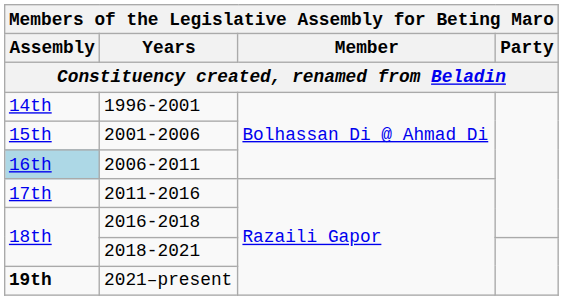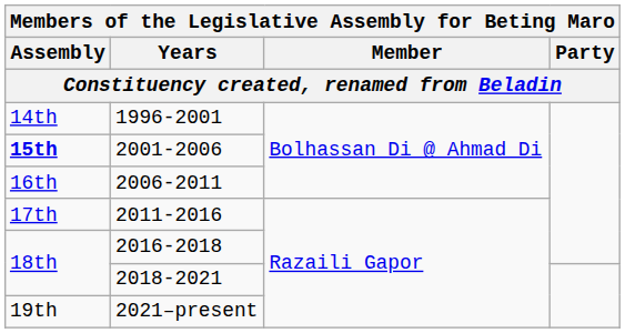 <table class=wikitable>
 <tr>
 <th colspan="4">Members of the Legislative Assembly for Beting Maro</th>
 </tr>
 <tr>
 <th>Assembly</th>
 <th>Years</th>
 <th>Member</th>
 <th>Party</th>
 </tr>
 <tr>
 <th colspan=4 align=center><em>Constituency created, renamed from <a href='#'>Beladin</a></em></th>
 </tr>
 <tr>
 <td><a href='#'>14th</a></td>
 <td>1996-2001</td>
 <td rowspan=3><a href='#'>Bolhassan Di @ Ahmad Di</a></td>
 <td rowspan=5></td>
 </tr>
 <tr>
-<td><a href='#'>15th</a></td>
+<td><strong><a href='#'>15th</a></strong></td>
 <td>2001-2006</td>
 </tr>
 <tr>
-<td style="background: lightblue;"><a href='#'>16th</a></td>
+<td><a href='#'>16th</a></td>
 <td>2006-2011</td>
 </tr>
 <tr>
 <td><a href='#'>17th</a></td>
 <td>2011-2016</td>
 <td rowspan="4"><a href='#'>Razaili Gapor</a></td>
 </tr>
 <tr>
 <td rowspan="2"><a href='#'>18th</a></td>
 <td>2016-2018</td>
 </tr>
 <tr>
 <td>2018-2021</td>
 <td rowspan="2"></td>
 </tr>
 <tr>
-<td><strong>19th</strong></td>
+<td>19th</td>
 <td>2021–present</td>
 </tr>
 </table>
